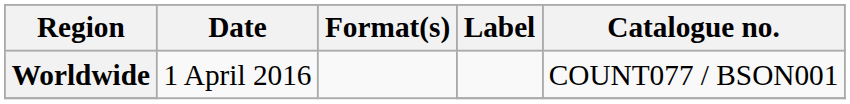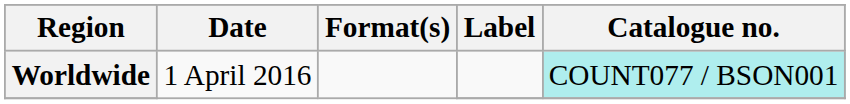 <table class="wikitable plainrowheaders">
 <tr>
 <th scope="col">Region</th>
 <th scope="col">Date</th>
 <th scope="col">Format(s)</th>
 <th scope="col">Label</th>
 <th scope="col">Catalogue no.</th>
 </tr>
 <tr>
 <th scope="row">Worldwide</th>
 <td rowspan="3">1 April 2016</td>
 <td rowspan="3"></td>
 <td></td>
-<td>COUNT077 / BSON001</td>
+<td style="background: paleturquoise;">COUNT077 / BSON001</td>
 </tr>
 <tr>
 </tr>
 </table>
